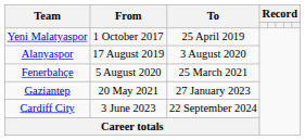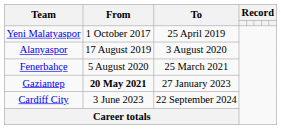 <table class="wikitable" style="text-align: center">
 <tr>
 <th rowspan=2>Team</th>
 <th rowspan=2>From</th>
 <th rowspan=2>To</th>
 <th colspan=8>Record</th>
 </tr>
 <tr>
 <th></th>
 <th></th>
 <th></th>
 <th></th>
 <th></th>
 </tr>
 <tr>
 <td><a href='#'>Yeni Malatyaspor</a></td>
 <td>1 October 2017</td>
 <td>25 April 2019<br></td>
 </tr>
 <tr>
 <td><a href='#'>Alanyaspor</a></td>
 <td>17 August 2019</td>
 <td>3 August 2020<br></td>
 </tr>
 <tr>
 <td><a href='#'>Fenerbahçe</a></td>
 <td>5 August 2020</td>
 <td>25 March 2021<br></td>
 </tr>
 <tr>
 <td><a href='#'>Gaziantep</a></td>
-<td>20 May 2021</td>
+<td><strong>20 May 2021</strong></td>
 <td>27 January 2023<br></td>
 </tr>
 <tr>
 <td><a href='#'>Cardiff City</a></td>
 <td>3 June 2023</td>
 <td>22 September 2024<br></td>
 </tr>
 <tr>
 <th colspan=3>Career totals<br></th>
 </tr>
 </table>
